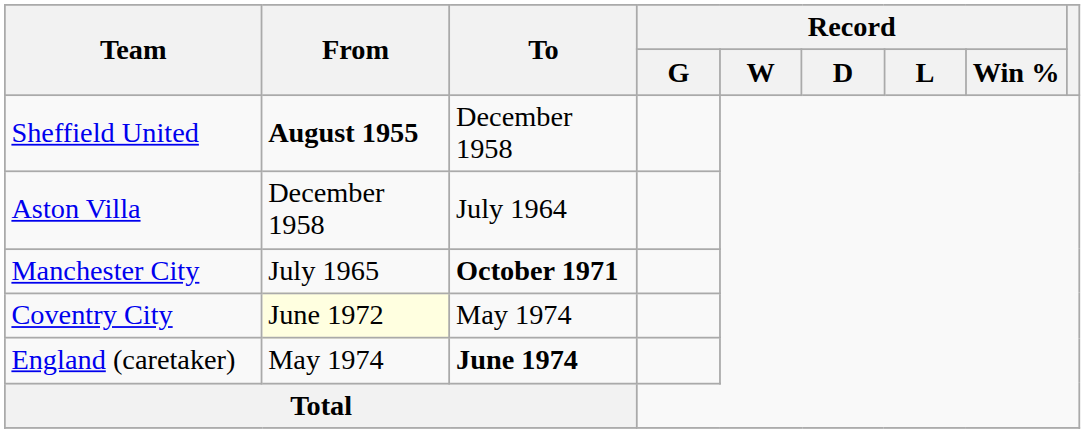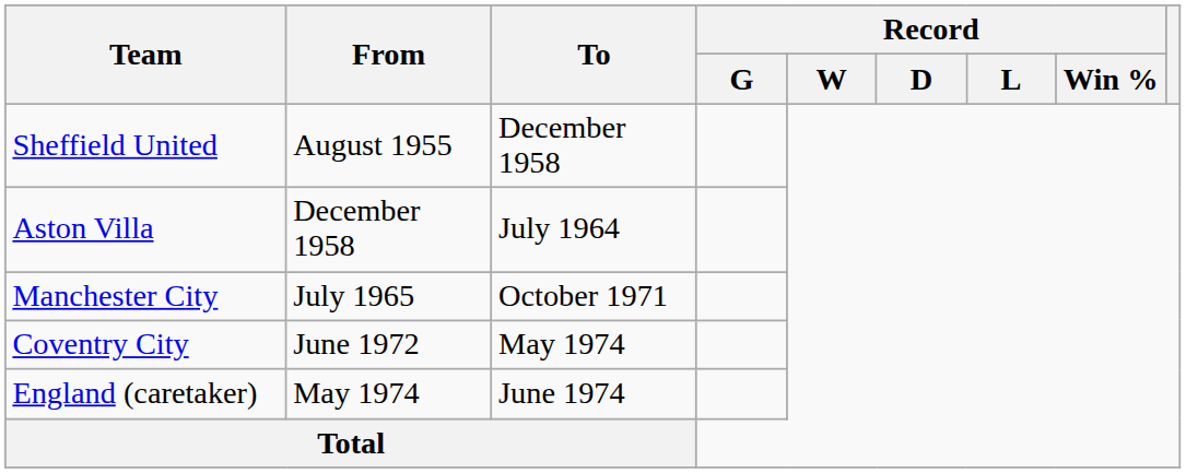 <table class="wikitable" style="text-align: left">
 <tr>
 <th rowspan=2 width=140>Team</th>
 <th rowspan=2 width=100>From</th>
 <th rowspan=2 width=100>To</th>
 <th colspan=5>Record</th>
 <th rowspan=2></th>
 </tr>
 <tr>
 <th width=40>G</th>
 <th width=40>W</th>
 <th width=40>D</th>
 <th width=40>L</th>
 <th width=50>Win %</th>
 </tr>
 <tr>
 <td><a href='#'>Sheffield United</a></td>
-<td><strong>August 1955</strong></td>
+<td>August 1955</td>
 <td>December 1958<br></td>
 <td style=text-align:center></td>
 </tr>
 <tr>
 <td><a href='#'>Aston Villa</a></td>
 <td>December 1958</td>
 <td>July 1964<br></td>
 <td style=text-align:center></td>
 </tr>
 <tr>
 <td><a href='#'>Manchester City</a></td>
 <td>July 1965</td>
-<td><strong>October 1971<br></strong></td>
+<td>October 1971<br></td>
 <td style=text-align:center></td>
 </tr>
 <tr>
 <td><a href='#'>Coventry City</a></td>
-<td style="background: lightyellow;">June 1972</td>
+<td>June 1972</td>
 <td>May 1974<br></td>
 <td style=text-align:center></td>
 </tr>
 <tr>
 <td><a href='#'>England</a> (caretaker)</td>
 <td>May 1974</td>
-<td><strong>June 1974<br></strong></td>
+<td>June 1974<br></td>
 <td style=text-align:center></td>
 </tr>
 <tr>
 <th colspan="3">Total<br></th>
 </tr>
 </table>
